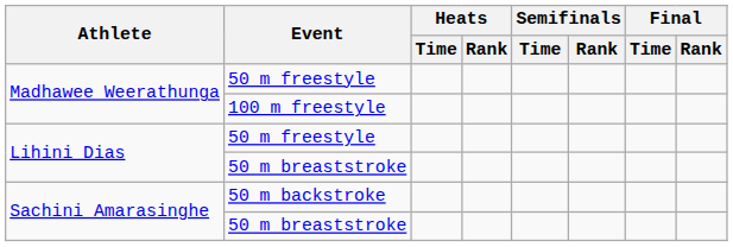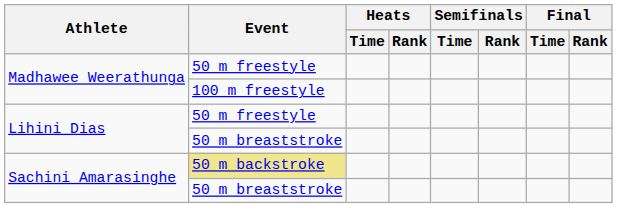 <table class=wikitable style="font-size:90%">
 <tr>
 <th rowspan="2">Athlete</th>
 <th rowspan="2">Event</th>
 <th colspan="2">Heats</th>
 <th colspan="2">Semifinals</th>
 <th colspan="2">Final</th>
 </tr>
 <tr>
 <th>Time</th>
 <th>Rank</th>
 <th>Time</th>
 <th>Rank</th>
 <th>Time</th>
 <th>Rank</th>
 </tr>
 <tr>
 <td rowspan="2"><a href='#'>Madhawee Weerathunga</a></td>
 <td><a href='#'>50 m freestyle</a></td>
 <td align=center></td>
 <td align=center></td>
 <td align=center></td>
 <td align=center></td>
 <td align=center></td>
 <td align=center></td>
 </tr>
 <tr>
 <td><a href='#'>100 m freestyle</a></td>
 <td align=center></td>
 <td align=center></td>
 <td align=center></td>
 <td align=center></td>
 <td align=center></td>
 <td align=center></td>
 </tr>
 <tr>
 <td rowspan="2"><a href='#'>Lihini Dias</a></td>
 <td><a href='#'>50 m freestyle</a></td>
 <td align=center></td>
 <td align=center></td>
 <td align=center></td>
 <td align=center></td>
 <td align=center></td>
 <td align=center></td>
 </tr>
 <tr>
 <td><a href='#'>50 m breaststroke</a></td>
 <td align=center></td>
 <td align=center></td>
 <td align=center></td>
 <td align=center></td>
 <td align=center></td>
 <td align=center></td>
 </tr>
 <tr>
 <td rowspan="2"><a href='#'>Sachini Amarasinghe</a></td>
-<td><a href='#'>50 m backstroke</a></td>
+<td style="background: khaki;"><a href='#'>50 m backstroke</a></td>
 <td align=center></td>
 <td align=center></td>
 <td align=center></td>
 <td align=center></td>
 <td align=center></td>
 <td align=center></td>
 </tr>
 <tr>
 <td><a href='#'>50 m breaststroke</a></td>
 <td align=center></td>
 <td align=center></td>
 <td align=center></td>
 <td align=center></td>
 <td align=center></td>
 <td align=center></td>
 </tr>
 </table>
